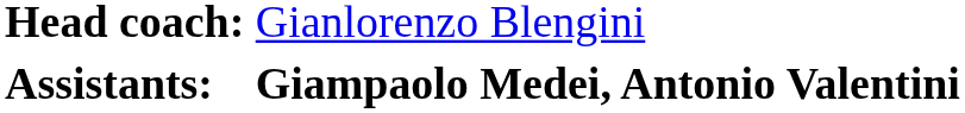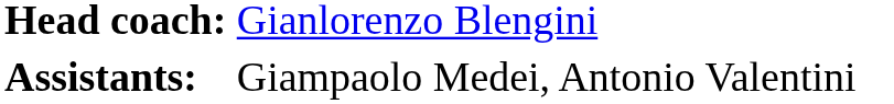 <table>
 <tr>
 <td><strong>Head coach:</strong></td>
 <td><a href='#'>Gianlorenzo Blengini</a></td>
 </tr>
 <tr>
 <td><strong>Assistants:</strong></td>
-<td><strong>Giampaolo Medei, Antonio Valentini</strong></td>
+<td>Giampaolo Medei, Antonio Valentini</td>
 </tr>
 </table>
